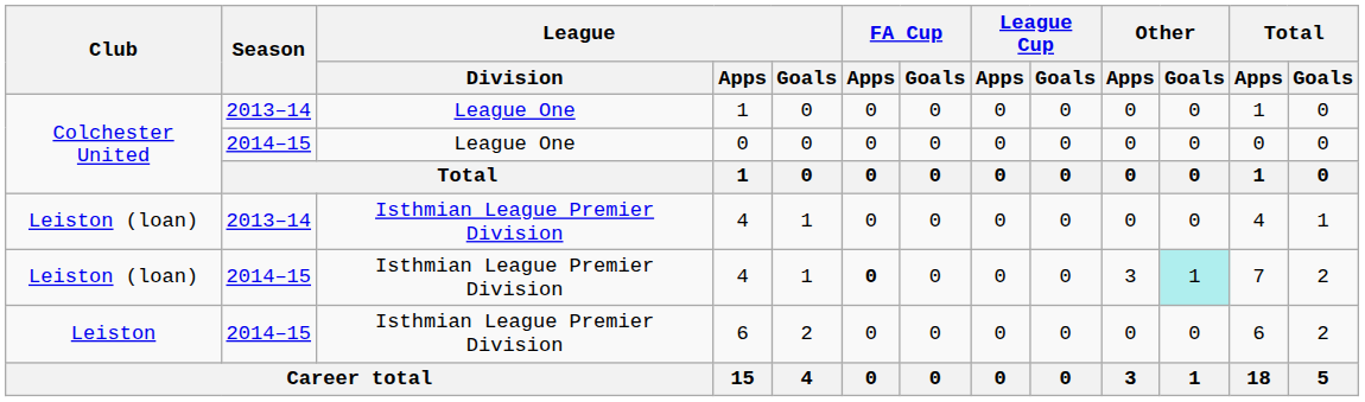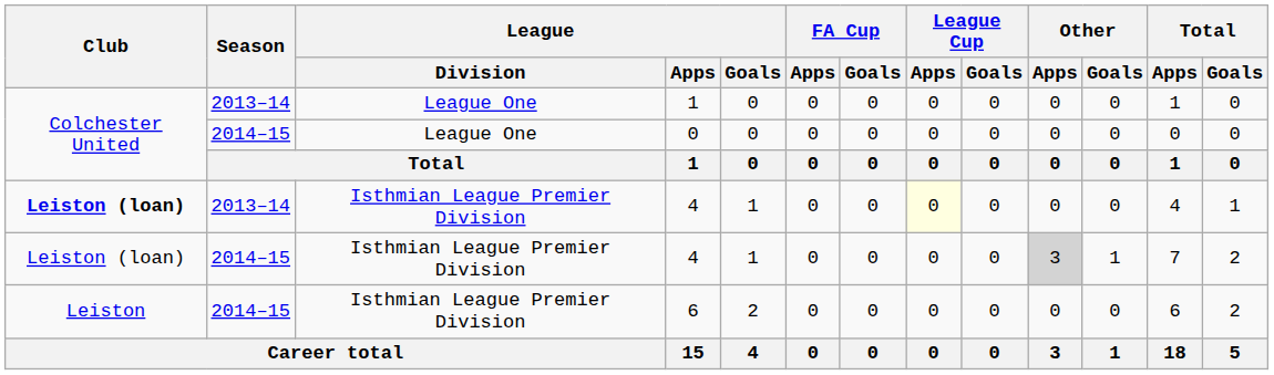 <table class="wikitable" style="text-align: center;">
 <tr>
 <th rowspan="2">Club</th>
 <th rowspan="2">Season</th>
 <th colspan="3">League</th>
 <th colspan="2"><a href='#'>FA Cup</a></th>
 <th colspan="2"><a href='#'>League Cup</a></th>
 <th colspan="2">Other</th>
 <th colspan="2">Total</th>
 </tr>
 <tr>
 <th>Division</th>
 <th>Apps</th>
 <th>Goals</th>
 <th>Apps</th>
 <th>Goals</th>
 <th>Apps</th>
 <th>Goals</th>
 <th>Apps</th>
 <th>Goals</th>
 <th>Apps</th>
 <th>Goals</th>
 </tr>
 <tr>
 <td rowspan="3"><a href='#'>Colchester United</a></td>
 <td><a href='#'>2013–14</a></td>
 <td><a href='#'>League One</a></td>
 <td>1</td>
 <td>0</td>
 <td>0</td>
 <td>0</td>
 <td>0</td>
 <td>0</td>
 <td>0</td>
 <td>0</td>
 <td>1</td>
 <td>0</td>
 </tr>
 <tr>
 <td><a href='#'>2014–15</a></td>
 <td>League One</td>
 <td>0</td>
 <td>0</td>
 <td>0</td>
 <td>0</td>
 <td>0</td>
 <td>0</td>
 <td>0</td>
 <td>0</td>
 <td>0</td>
 <td>0</td>
 </tr>
 <tr>
 <th colspan="2">Total</th>
 <th>1</th>
 <th>0</th>
 <th>0</th>
 <th>0</th>
 <th>0</th>
 <th>0</th>
 <th>0</th>
 <th>0</th>
 <th>1</th>
 <th>0</th>
 </tr>
 <tr>
-<td><a href='#'>Leiston</a> (loan)</td>
+<td><strong><a href='#'>Leiston</a> (loan)</strong></td>
 <td><a href='#'>2013–14</a></td>
 <td><a href='#'>Isthmian League Premier Division</a></td>
 <td>4</td>
 <td>1</td>
 <td>0</td>
 <td>0</td>
-<td>0</td>
+<td style="background: lightyellow;">0</td>
 <td>0</td>
 <td>0</td>
 <td>0</td>
 <td>4</td>
 <td>1</td>
 </tr>
 <tr>
 <td><a href='#'>Leiston</a> (loan)</td>
 <td><a href='#'>2014–15</a></td>
 <td>Isthmian League Premier Division</td>
 <td>4</td>
 <td>1</td>
-<td><strong>0</strong></td>
 <td>0</td>
 <td>0</td>
 <td>0</td>
-<td>3</td>
-<td style="background: paleturquoise;">1</td>
+<td>0</td>
+<td style="background: lightgrey;">3</td>
+<td>1</td>
 <td>7</td>
 <td>2</td>
 </tr>
 <tr>
 <td><a href='#'>Leiston</a></td>
 <td><a href='#'>2014–15</a></td>
 <td>Isthmian League Premier Division</td>
 <td>6</td>
 <td>2</td>
 <td>0</td>
 <td>0</td>
 <td>0</td>
 <td>0</td>
 <td>0</td>
 <td>0</td>
 <td>6</td>
 <td>2</td>
 </tr>
 <tr>
 <th colspan="3">Career total</th>
 <th>15</th>
 <th>4</th>
 <th>0</th>
 <th>0</th>
 <th>0</th>
 <th>0</th>
 <th>3</th>
 <th>1</th>
 <th>18</th>
 <th>5</th>
 </tr>
 </table>
